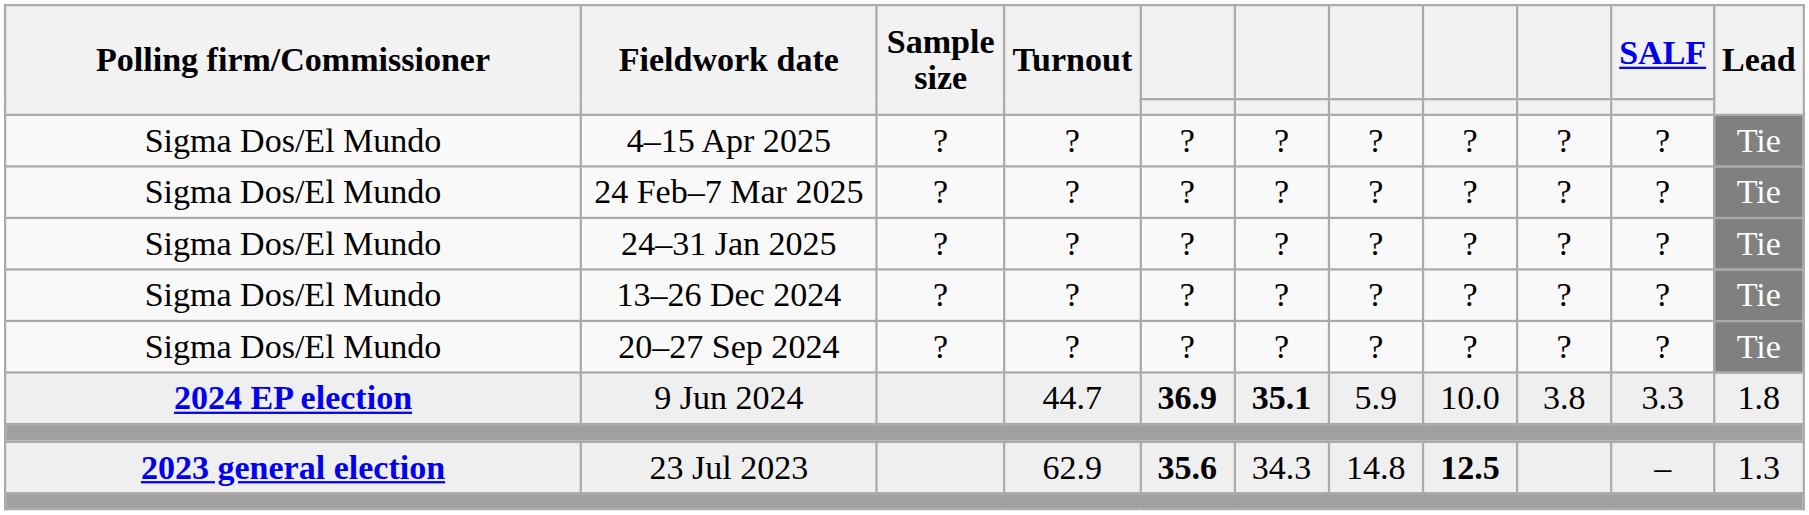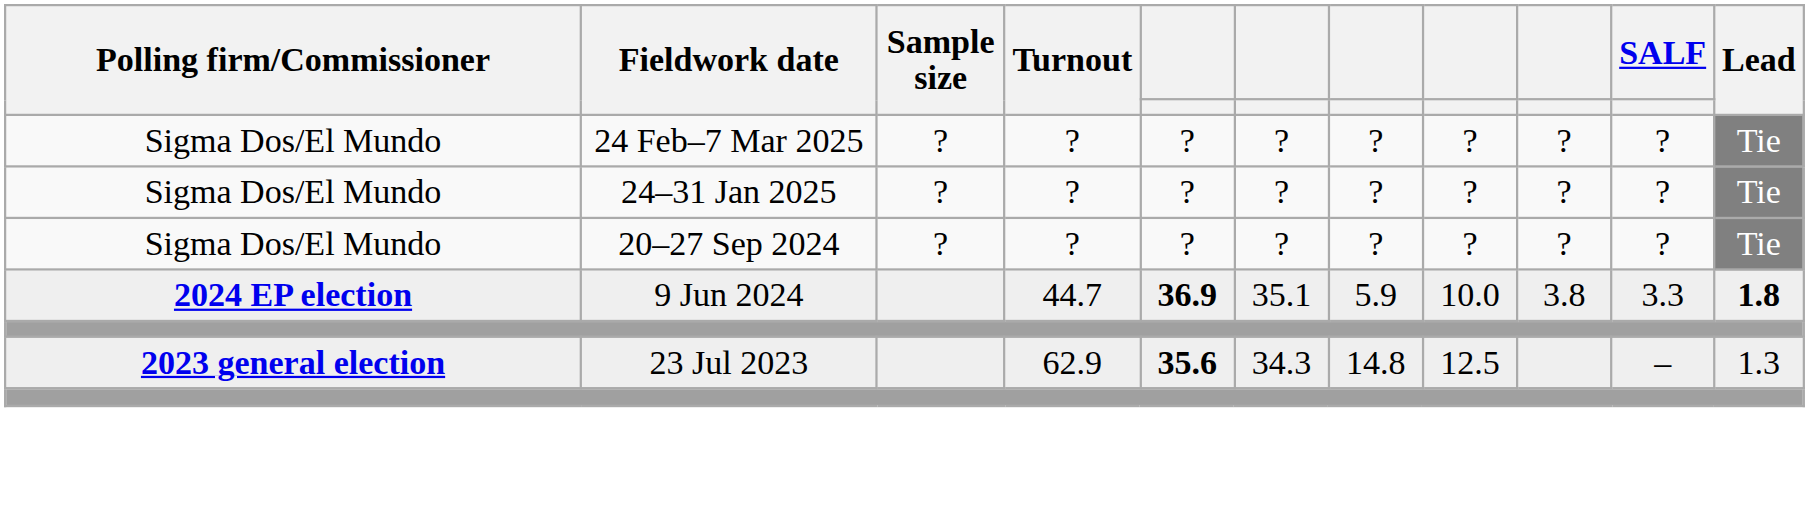 <table class="wikitable collapsible collapsed" style="text-align:center; font-size:95%; line-height:16px;">
 <tr style="height:42px;">
 <th style="width:250px;" rowspan="2">Polling firm/Commissioner</th>
 <th style="width:125px;" rowspan="2">Fieldwork date</th>
 <th style="width:50px;" rowspan="2">Sample size</th>
 <th style="width:45px;" rowspan="2">Turnout</th>
 <th style="width:35px;"></th>
 <th style="width:35px;"></th>
 <th style="width:35px;"></th>
 <th style="width:35px;"></th>
 <th style="width:35px;"></th>
 <th style="width:35px;"><a href='#'>SALF</a></th>
 <th style="width:30px;" rowspan="2">Lead</th>
 </tr>
 <tr>
 <th style="color:inherit;background:"></th>
 <th style="color:inherit;background:"></th>
 <th style="color:inherit;background:"></th>
 <th style="color:inherit;background:"></th>
 <th style="color:inherit;background:"></th>
 <th style="color:inherit;background:"></th>
-</tr>
-<tr>
-<td>Sigma Dos/El Mundo</td>
-<td>4–15 Apr 2025</td>
-<td>?</td>
-<td>?</td>
-<td>?<br></td>
-<td>?<br></td>
-<td>?<br></td>
-<td>?<br></td>
-<td>?<br></td>
-<td>?<br></td>
-<td style="background:gray;color:white;">Tie</td>
 </tr>
 <tr>
 <td>Sigma Dos/El Mundo</td>
 <td>24 Feb–7 Mar 2025</td>
 <td>?</td>
 <td>?</td>
 <td>?<br></td>
 <td>?<br></td>
 <td>?<br></td>
 <td>?<br></td>
 <td>?<br></td>
 <td>?<br></td>
 <td style="background:gray;color:white;">Tie</td>
 </tr>
 <tr>
 <td>Sigma Dos/El Mundo</td>
 <td>24–31 Jan 2025</td>
 <td>?</td>
 <td>?</td>
 <td>?<br></td>
 <td>?<br></td>
 <td>?<br></td>
 <td>?<br></td>
 <td>?<br></td>
 <td>?<br></td>
 <td style="background:gray;color:white;">Tie</td>
 </tr>
 <tr>
 <td>Sigma Dos/El Mundo</td>
-<td>13–26 Dec 2024</td>
-<td>?</td>
-<td>?</td>
-<td>?<br></td>
-<td>?<br></td>
-<td>?<br></td>
-<td>?<br></td>
-<td>?<br></td>
-<td>?<br></td>
-<td style="background:gray;color:white;">Tie</td>
-</tr>
-<tr>
-<td>Sigma Dos/El Mundo</td>
 <td>20–27 Sep 2024</td>
 <td>?</td>
 <td>?</td>
 <td>?<br></td>
 <td>?<br></td>
 <td>?<br></td>
 <td>?<br></td>
 <td>?<br></td>
 <td>?<br></td>
 <td style="background:gray;color:white;">Tie</td>
 </tr>
 <tr style="background:#EFEFEF;">
 <td><strong><a href='#'>2024 EP election</a></strong></td>
 <td>9 Jun 2024</td>
 <td></td>
 <td>44.7</td>
 <td><strong>36.9</strong><br></td>
-<td><strong>35.1<br></strong></td>
+<td>35.1<br></td>
 <td>5.9<br></td>
 <td>10.0<br></td>
 <td>3.8<br></td>
 <td>3.3<br></td>
-<td style="background:">1.8</td>
+<td style="background:"><strong>1.8</strong></td>
 </tr>
 <tr>
 <td colspan="11" style="background:#A0A0A0"></td>
 </tr>
 <tr style="background:#EFEFEF;">
 <td><strong><a href='#'>2023 general election</a></strong></td>
 <td>23 Jul 2023</td>
 <td></td>
 <td>62.9</td>
 <td><strong>35.6</strong><br></td>
 <td>34.3<br></td>
 <td>14.8<br></td>
-<td><strong>12.5<br></strong></td>
+<td>12.5<br></td>
 <td></td>
 <td>–</td>
 <td style="background:">1.3</td>
 </tr>
 <tr>
 <td colspan="11" style="background:#A0A0A0"></td>
 </tr>
 </table>
